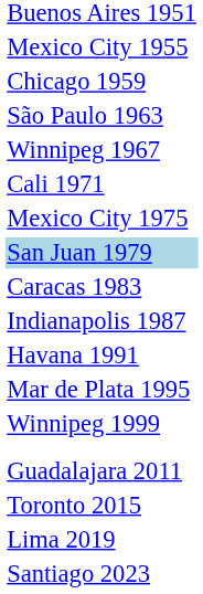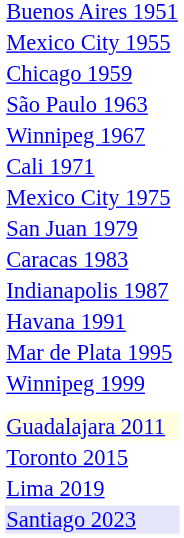 <table>
 <tr>
 <td><a href='#'>Buenos Aires 1951</a></td>
 <td></td>
 <td></td>
 <td></td>
 </tr>
 <tr>
 <td><a href='#'>Mexico City 1955</a></td>
 <td></td>
 <td></td>
 <td></td>
 </tr>
 <tr>
 <td><a href='#'>Chicago 1959</a></td>
 <td></td>
 <td></td>
 <td></td>
 </tr>
 <tr>
 <td><a href='#'>São Paulo 1963</a></td>
 <td></td>
 <td></td>
 <td></td>
 </tr>
 <tr>
 <td><a href='#'>Winnipeg 1967</a></td>
 <td></td>
 <td></td>
 <td></td>
 </tr>
 <tr>
 <td><a href='#'>Cali 1971</a></td>
 <td></td>
 <td></td>
 <td></td>
 </tr>
 <tr>
 <td><a href='#'>Mexico City 1975</a></td>
 <td></td>
 <td></td>
 <td></td>
 </tr>
 <tr>
-<td style="background: lightblue;"><a href='#'>San Juan 1979</a></td>
+<td><a href='#'>San Juan 1979</a></td>
 <td></td>
 <td></td>
 <td></td>
 </tr>
 <tr>
 <td><a href='#'>Caracas 1983</a></td>
 <td></td>
 <td></td>
 <td></td>
 </tr>
 <tr>
 <td><a href='#'>Indianapolis 1987</a></td>
 <td></td>
 <td></td>
 <td></td>
 </tr>
 <tr>
 <td><a href='#'>Havana 1991</a></td>
 <td></td>
 <td></td>
 <td></td>
 </tr>
 <tr>
 <td><a href='#'>Mar de Plata 1995</a></td>
 <td></td>
 <td></td>
 <td></td>
 </tr>
 <tr>
 <td><a href='#'>Winnipeg 1999</a></td>
 <td></td>
 <td></td>
 <td></td>
 </tr>
 <tr>
 <td></td>
 <td></td>
 <td></td>
 <td></td>
 </tr>
 <tr>
 <td></td>
 <td></td>
 <td></td>
 <td></td>
 </tr>
 <tr>
-<td><a href='#'>Guadalajara 2011</a></td>
+<td style="background: lightyellow;"><a href='#'>Guadalajara 2011</a></td>
 <td></td>
 <td></td>
 <td></td>
 </tr>
 <tr>
 <td><a href='#'>Toronto 2015</a></td>
 <td></td>
 <td></td>
 <td></td>
 </tr>
 <tr>
 <td><a href='#'>Lima 2019</a></td>
 <td></td>
 <td></td>
 <td></td>
 </tr>
 <tr>
-<td><a href='#'>Santiago 2023</a></td>
+<td style="background: lavender;"><a href='#'>Santiago 2023</a></td>
 <td></td>
 <td></td>
 <td></td>
 </tr>
 </table>
